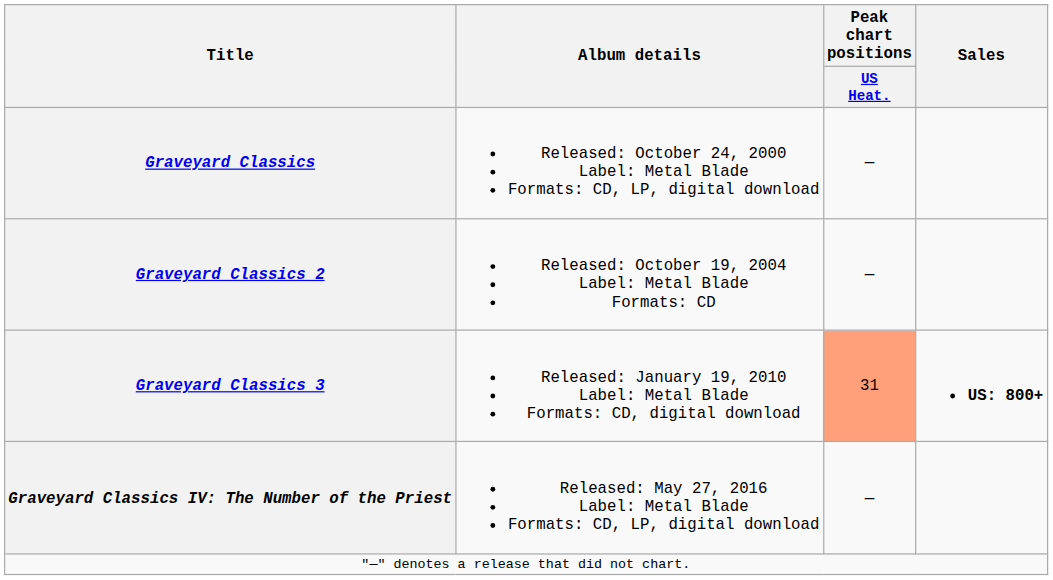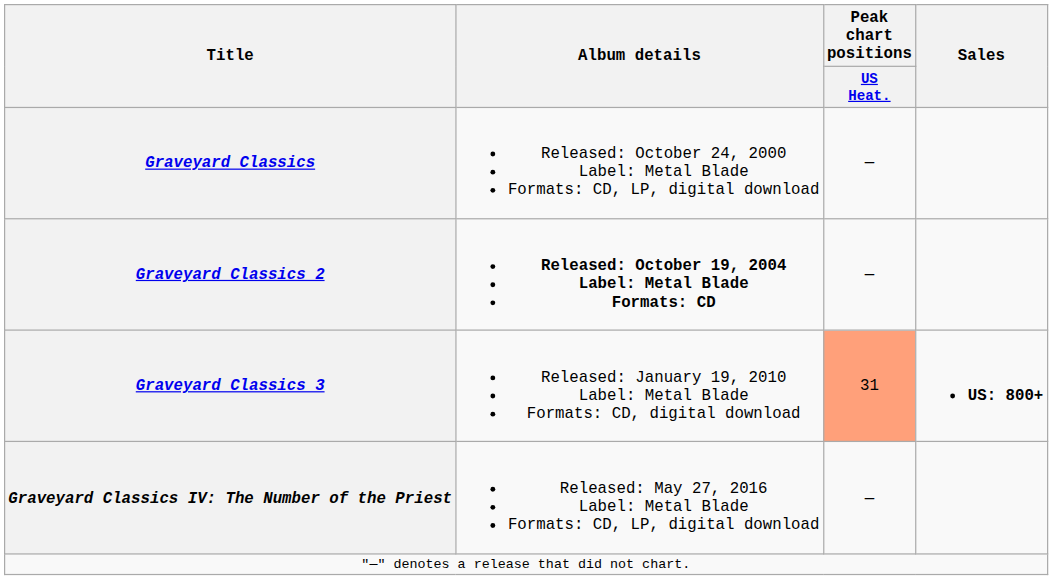 <table class="wikitable plainrowheaders" style="text-align:center;">
 <tr>
 <th scope="col" rowspan="2">Title</th>
 <th scope="col" rowspan="2">Album details</th>
 <th scope="col">Peak chart positions</th>
 <th scope="col" rowspan="2">Sales</th>
 </tr>
 <tr>
 <th scope="col" style="width:3em;font-size:90%;"><a href='#'>US<br>Heat.</a><br></th>
 </tr>
 <tr>
 <th scope="row"><em><a href='#'>Graveyard Classics</a></em></th>
 <td><br><ul><li>Released: October 24, 2000</li><li>Label: Metal Blade</li><li>Formats: CD, LP, digital download</li></ul></td>
 <td>—</td>
 <td></td>
 </tr>
 <tr>
 <th scope="row"><em><a href='#'>Graveyard Classics 2</a></em></th>
-<td><br><ul><li>Released: October 19, 2004</li><li>Label: Metal Blade</li><li>Formats: CD</li></ul></td>
+<td><strong><br><ul><li>Released: October 19, 2004</li><li>Label: Metal Blade</li><li>Formats: CD</li></ul></strong></td>
 <td>—</td>
 <td></td>
 </tr>
 <tr>
 <th scope="row"><em><a href='#'>Graveyard Classics 3</a></em></th>
 <td><br><ul><li>Released: January 19, 2010</li><li>Label: Metal Blade</li><li>Formats: CD, digital download</li></ul></td>
 <td style="background: lightsalmon;">31</td>
 <td><strong><br><ul><li>US: 800+</li></ul></strong></td>
 </tr>
 <tr>
 <th scope="row"><em>Graveyard Classics IV: The Number of the Priest</em></th>
 <td><br><ul><li>Released: May 27, 2016</li><li>Label: Metal Blade</li><li>Formats: CD, LP, digital download</li></ul></td>
 <td>—</td>
 <td></td>
 </tr>
 <tr>
 <td colspan="15" style="text-align:center; font-size:85%;">"—" denotes a release that did not chart.</td>
 </tr>
 </table>
